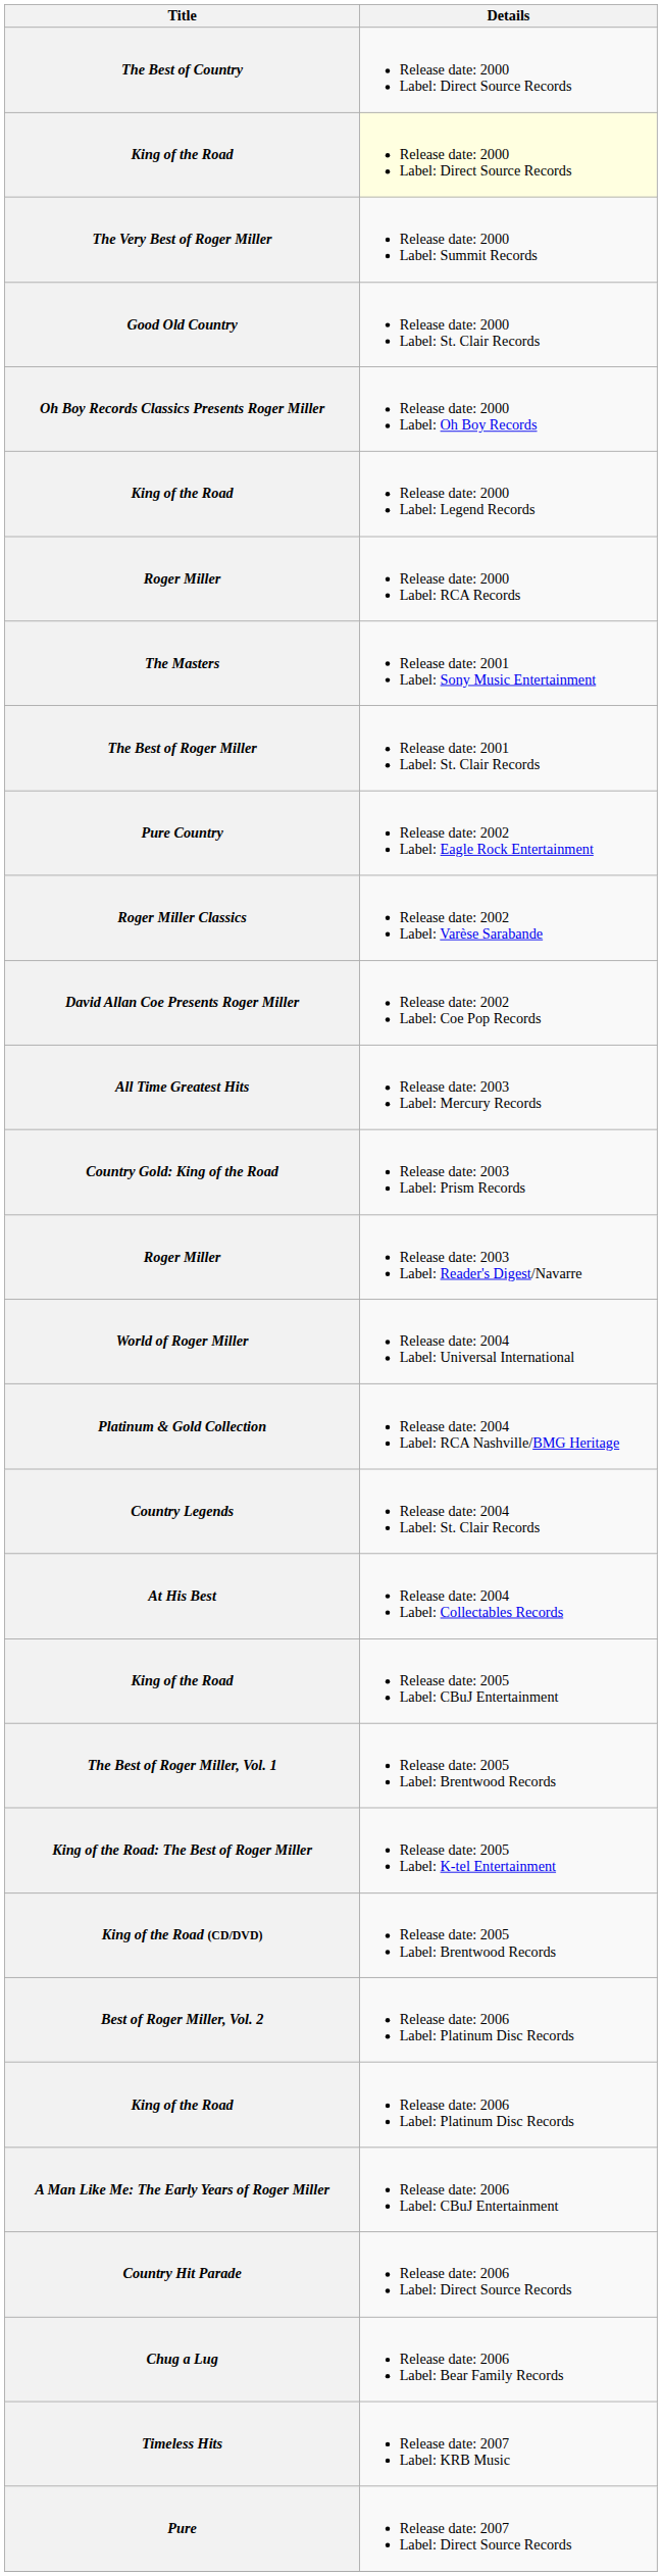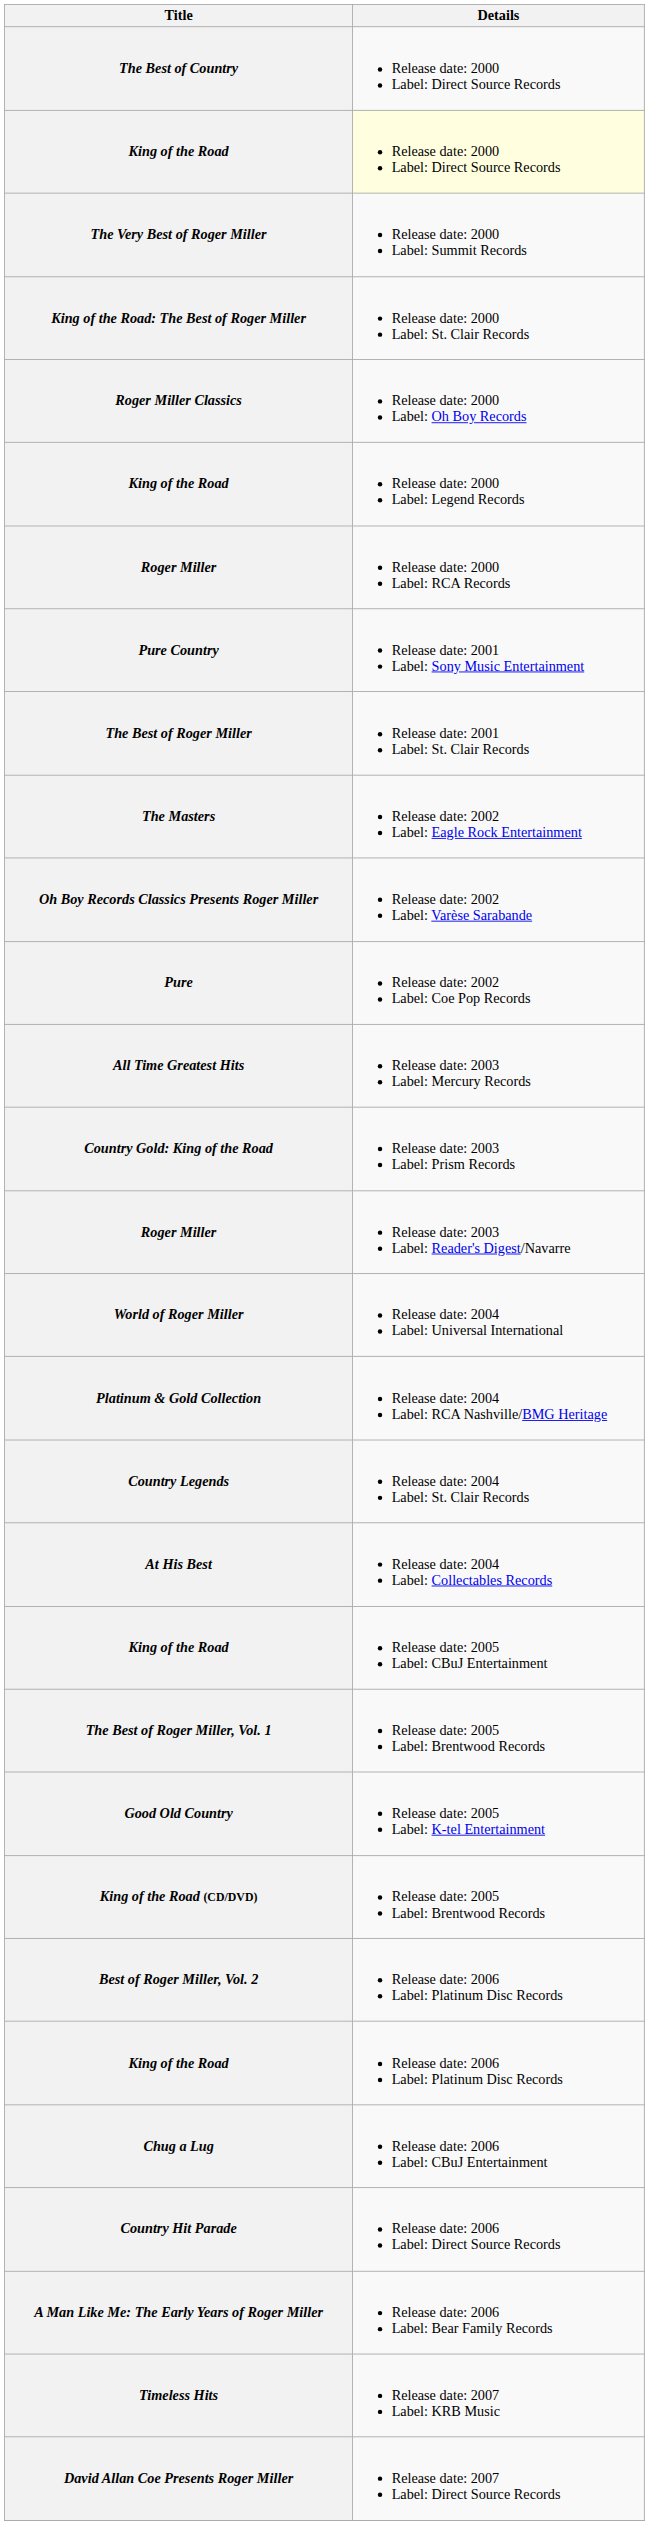 <table class="wikitable plainrowheaders">
 <tr>
 <th style="width:24em;">Title</th>
 <th style="width:20em;">Details</th>
 </tr>
 <tr>
 <th scope="row"><em>The Best of Country</em></th>
 <td><br><ul><li>Release date: 2000</li><li>Label: Direct Source Records</li></ul></td>
 </tr>
 <tr>
 <th scope="row"><em>King of the Road</em></th>
 <td style="background: lightyellow;"><br><ul><li>Release date: 2000</li><li>Label: Direct Source Records</li></ul></td>
 </tr>
 <tr>
 <th scope="row"><em>The Very Best of Roger Miller</em></th>
 <td><br><ul><li>Release date: 2000</li><li>Label: Summit Records</li></ul></td>
 </tr>
 <tr>
-<th scope="row"><em>Good Old Country</em></th>
+<th scope="row"><em>King of the Road: The Best of Roger Miller</em></th>
 <td><br><ul><li>Release date: 2000</li><li>Label: St. Clair Records</li></ul></td>
 </tr>
 <tr>
-<th scope="row"><em>Oh Boy Records Classics Presents Roger Miller</em></th>
+<th scope="row"><em>Roger Miller Classics</em></th>
 <td><br><ul><li>Release date: 2000</li><li>Label: <a href='#'>Oh Boy Records</a></li></ul></td>
 </tr>
 <tr>
 <th scope="row"><em>King of the Road</em></th>
 <td><br><ul><li>Release date: 2000</li><li>Label: Legend Records</li></ul></td>
 </tr>
 <tr>
 <th scope="row"><em>Roger Miller</em></th>
 <td><br><ul><li>Release date: 2000</li><li>Label: RCA Records</li></ul></td>
 </tr>
 <tr>
-<th scope="row"><em>The Masters</em></th>
+<th scope="row"><em>Pure Country</em></th>
 <td><br><ul><li>Release date: 2001</li><li>Label: <a href='#'>Sony Music Entertainment</a></li></ul></td>
 </tr>
 <tr>
 <th scope="row"><em>The Best of Roger Miller</em></th>
 <td><br><ul><li>Release date: 2001</li><li>Label: St. Clair Records</li></ul></td>
 </tr>
 <tr>
-<th scope="row"><em>Pure Country</em></th>
+<th scope="row"><em>The Masters</em></th>
 <td><br><ul><li>Release date: 2002</li><li>Label: <a href='#'>Eagle Rock Entertainment</a></li></ul></td>
 </tr>
 <tr>
-<th scope="row"><em>Roger Miller Classics</em></th>
+<th scope="row"><em>Oh Boy Records Classics Presents Roger Miller</em></th>
 <td><br><ul><li>Release date: 2002</li><li>Label: <a href='#'>Varèse Sarabande</a></li></ul></td>
 </tr>
 <tr>
-<th scope="row"><em>David Allan Coe Presents Roger Miller</em></th>
+<th scope="row"><em>Pure</em></th>
 <td><br><ul><li>Release date: 2002</li><li>Label: Coe Pop Records</li></ul></td>
 </tr>
 <tr>
 <th scope="row"><em>All Time Greatest Hits</em></th>
 <td><br><ul><li>Release date: 2003</li><li>Label: Mercury Records</li></ul></td>
 </tr>
 <tr>
 <th scope="row"><em>Country Gold: King of the Road</em></th>
 <td><br><ul><li>Release date: 2003</li><li>Label: Prism Records</li></ul></td>
 </tr>
 <tr>
 <th scope="row"><em>Roger Miller</em></th>
 <td><br><ul><li>Release date: 2003</li><li>Label: <a href='#'>Reader's Digest</a>/Navarre</li></ul></td>
 </tr>
 <tr>
 <th scope="row"><em>World of Roger Miller</em></th>
 <td><br><ul><li>Release date: 2004</li><li>Label: Universal International</li></ul></td>
 </tr>
 <tr>
 <th scope="row"><em>Platinum & Gold Collection</em></th>
 <td><br><ul><li>Release date: 2004</li><li>Label: RCA Nashville/<a href='#'>BMG Heritage</a></li></ul></td>
 </tr>
 <tr>
 <th scope="row"><em>Country Legends</em></th>
 <td><br><ul><li>Release date: 2004</li><li>Label: St. Clair Records</li></ul></td>
 </tr>
 <tr>
 <th scope="row"><em>At His Best</em></th>
 <td><br><ul><li>Release date: 2004</li><li>Label: <a href='#'>Collectables Records</a></li></ul></td>
 </tr>
 <tr>
 <th scope="row"><em>King of the Road</em></th>
 <td><br><ul><li>Release date: 2005</li><li>Label: CBuJ Entertainment</li></ul></td>
 </tr>
 <tr>
 <th scope="row"><em>The Best of Roger Miller, Vol. 1</em></th>
 <td><br><ul><li>Release date: 2005</li><li>Label: Brentwood Records</li></ul></td>
 </tr>
 <tr>
-<th scope="row"><em>King of the Road: The Best of Roger Miller</em></th>
+<th scope="row"><em>Good Old Country</em></th>
 <td><br><ul><li>Release date: 2005</li><li>Label: <a href='#'>K-tel Entertainment</a></li></ul></td>
 </tr>
 <tr>
 <th scope="row"><em>King of the Road</em> <small>(CD/DVD)</small></th>
 <td><br><ul><li>Release date: 2005</li><li>Label: Brentwood Records</li></ul></td>
 </tr>
 <tr>
 <th scope="row"><em>Best of Roger Miller, Vol. 2</em></th>
 <td><br><ul><li>Release date: 2006</li><li>Label: Platinum Disc Records</li></ul></td>
 </tr>
 <tr>
 <th scope="row"><em>King of the Road</em></th>
 <td><br><ul><li>Release date: 2006</li><li>Label: Platinum Disc Records</li></ul></td>
 </tr>
 <tr>
-<th scope="row"><em>A Man Like Me: The Early Years of Roger Miller</em></th>
+<th scope="row"><em>Chug a Lug</em></th>
 <td><br><ul><li>Release date: 2006</li><li>Label: CBuJ Entertainment</li></ul></td>
 </tr>
 <tr>
 <th scope="row"><em>Country Hit Parade</em></th>
 <td><br><ul><li>Release date: 2006</li><li>Label: Direct Source Records</li></ul></td>
 </tr>
 <tr>
-<th scope="row"><em>Chug a Lug</em></th>
+<th scope="row"><em>A Man Like Me: The Early Years of Roger Miller</em></th>
 <td><br><ul><li>Release date: 2006</li><li>Label: Bear Family Records</li></ul></td>
 </tr>
 <tr>
 <th scope="row"><em>Timeless Hits</em></th>
 <td><br><ul><li>Release date: 2007</li><li>Label: KRB Music</li></ul></td>
 </tr>
 <tr>
-<th scope="row"><em>Pure</em></th>
+<th scope="row"><em>David Allan Coe Presents Roger Miller</em></th>
 <td><br><ul><li>Release date: 2007</li><li>Label: Direct Source Records</li></ul></td>
 </tr>
 <tr>
 </tr>
 </table>
